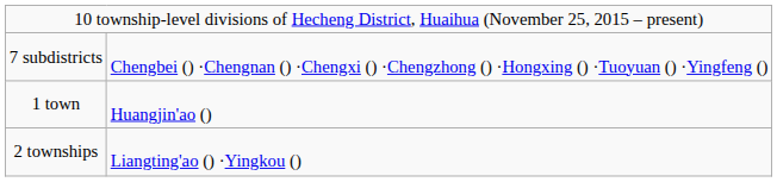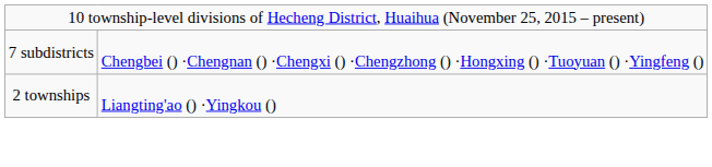 <table class="wikitable">
 <tr>
 <td style="text-align:center;" colspan="2">10 township-level divisions of <a href='#'>Hecheng District</a>, <a href='#'>Huaihua</a> (November 25, 2015 – present)</td>
 </tr>
 <tr align=left>
 <td align=center>7 subdistricts</td>
 <td><br><a href='#'>Chengbei</a> () ·<a href='#'>Chengnan</a> () ·<a href='#'>Chengxi</a> () ·<a href='#'>Chengzhong</a> () ·<a href='#'>Hongxing</a> () ·<a href='#'>Tuoyuan</a> () ·<a href='#'>Yingfeng</a> ()</td>
 </tr>
 <tr align=left>
-<td align=center>1 town</td>
-<td><br><a href='#'>Huangjin'ao</a> ()</td>
-</tr>
-<tr align=left>
 <td align=center>2 townships</td>
 <td><br><a href='#'>Liangting'ao</a> () ·<a href='#'>Yingkou</a> ()</td>
 </tr>
 </table>
